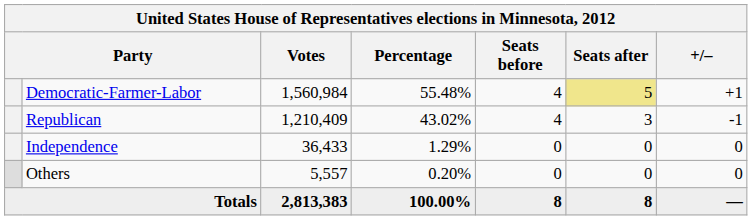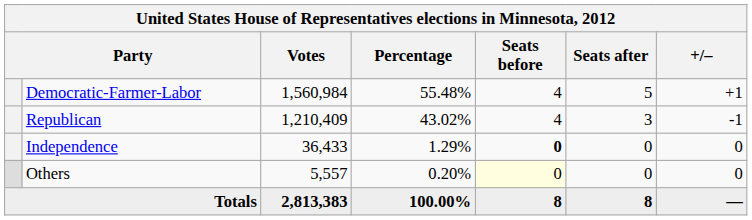 <table class="wikitable" style="font-size: 95%;">
 <tr>
 <th colspan="7">United States House of Representatives elections in Minnesota, 2012</th>
 </tr>
 <tr>
 <th colspan=2 style="width: 15em">Party</th>
 <th style="width: 5em">Votes</th>
 <th style="width: 7em">Percentage</th>
 <th style="width: 5em">Seats before</th>
 <th style="width: 5em">Seats after</th>
 <th style="width: 5em">+/–</th>
 </tr>
 <tr>
 <th style="background:"></th>
 <td style="width: 130px"><a href='#'>Democratic-Farmer-Labor</a></td>
 <td style="text-align:right;">1,560,984</td>
 <td style="text-align:right;">55.48%</td>
 <td style="text-align:right;">4</td>
-<td style="background: khaki; text-align:right;">5</td>
+<td style="text-align:right;">5</td>
 <td style="text-align:right;">+1</td>
 </tr>
 <tr>
 <th style="background:"></th>
 <td style="width: 130px"><a href='#'>Republican</a></td>
 <td style="text-align:right;">1,210,409</td>
 <td style="text-align:right;">43.02%</td>
 <td style="text-align:right;">4</td>
 <td style="text-align:right;">3</td>
 <td style="text-align:right;">-1</td>
 </tr>
 <tr>
 <th style="background:"></th>
 <td style="width: 130px"><a href='#'>Independence</a></td>
 <td style="text-align:right;">36,433</td>
 <td style="text-align:right;">1.29%</td>
-<td style="text-align:right;">0</td>
+<td style="text-align:right;"><strong>0</strong></td>
 <td style="text-align:right;">0</td>
 <td style="text-align:right;">0</td>
 </tr>
 <tr>
 <th style="background:#ddd; width:3px;"></th>
 <td style="width: 130px">Others</td>
 <td style="text-align:right;">5,557</td>
 <td style="text-align:right;">0.20%</td>
-<td style="text-align:right;">0</td>
+<td style="background: lightyellow; text-align:right;">0</td>
 <td style="text-align:right;">0</td>
 <td style="text-align:right;">0</td>
 </tr>
 <tr style="background:#eee; text-align:right;">
 <td colspan="2"><strong>Totals</strong></td>
 <td><strong>2,813,383</strong></td>
 <td><strong>100.00%</strong></td>
 <td><strong>8</strong></td>
 <td><strong>8</strong></td>
 <td><strong>—</strong></td>
 </tr>
 </table>
